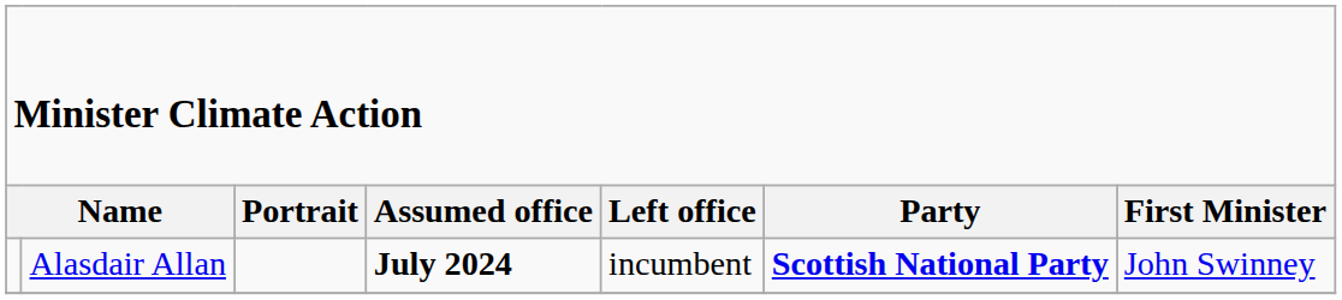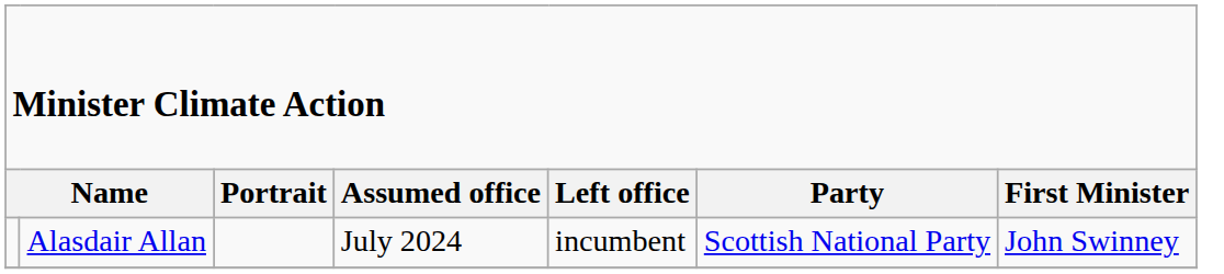 <table class="wikitable" style="margin: 0 0 0 1em; background: #f9f9f9; border: 1px #aaaaaa solid; border-collapse: collapse; ">
 <tr>
 <td colspan="7"><br><h3>Minister Climate Action</h3></td>
 </tr>
 <tr>
 <th colspan="2">Name</th>
 <th>Portrait</th>
 <th>Assumed office</th>
 <th>Left office</th>
 <th>Party</th>
 <th>First Minister</th>
 </tr>
 <tr>
 <td></td>
 <td><a href='#'>Alasdair Allan</a></td>
 <td></td>
-<td><strong>July 2024</strong></td>
+<td>July 2024</td>
 <td>incumbent</td>
-<td><strong><a href='#'>Scottish National Party</a></strong></td>
+<td><a href='#'>Scottish National Party</a></td>
 <td><a href='#'>John Swinney</a></td>
 </tr>
 <tr>
 </tr>
 </table>
